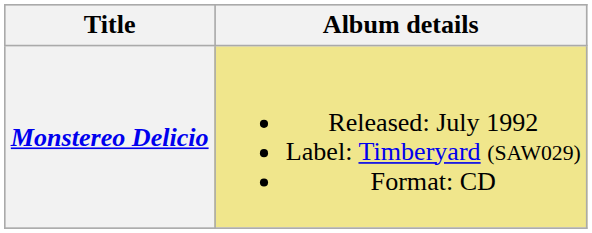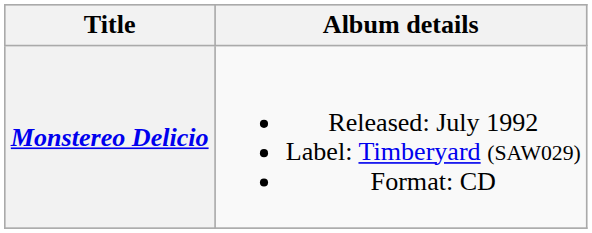 <table class="wikitable plainrowheaders" style="text-align:center;">
 <tr>
 <th>Title</th>
 <th>Album details</th>
 </tr>
 <tr>
 <th scope="row"><em><a href='#'>Monstereo Delicio</a></em></th>
-<td style="background: khaki;"><br><ul><li>Released: July 1992</li><li>Label: <a href='#'>Timberyard</a> <small>(SAW029)</small></li><li>Format: CD</li></ul></td>
+<td><br><ul><li>Released: July 1992</li><li>Label: <a href='#'>Timberyard</a> <small>(SAW029)</small></li><li>Format: CD</li></ul></td>
 </tr>
 </table>
